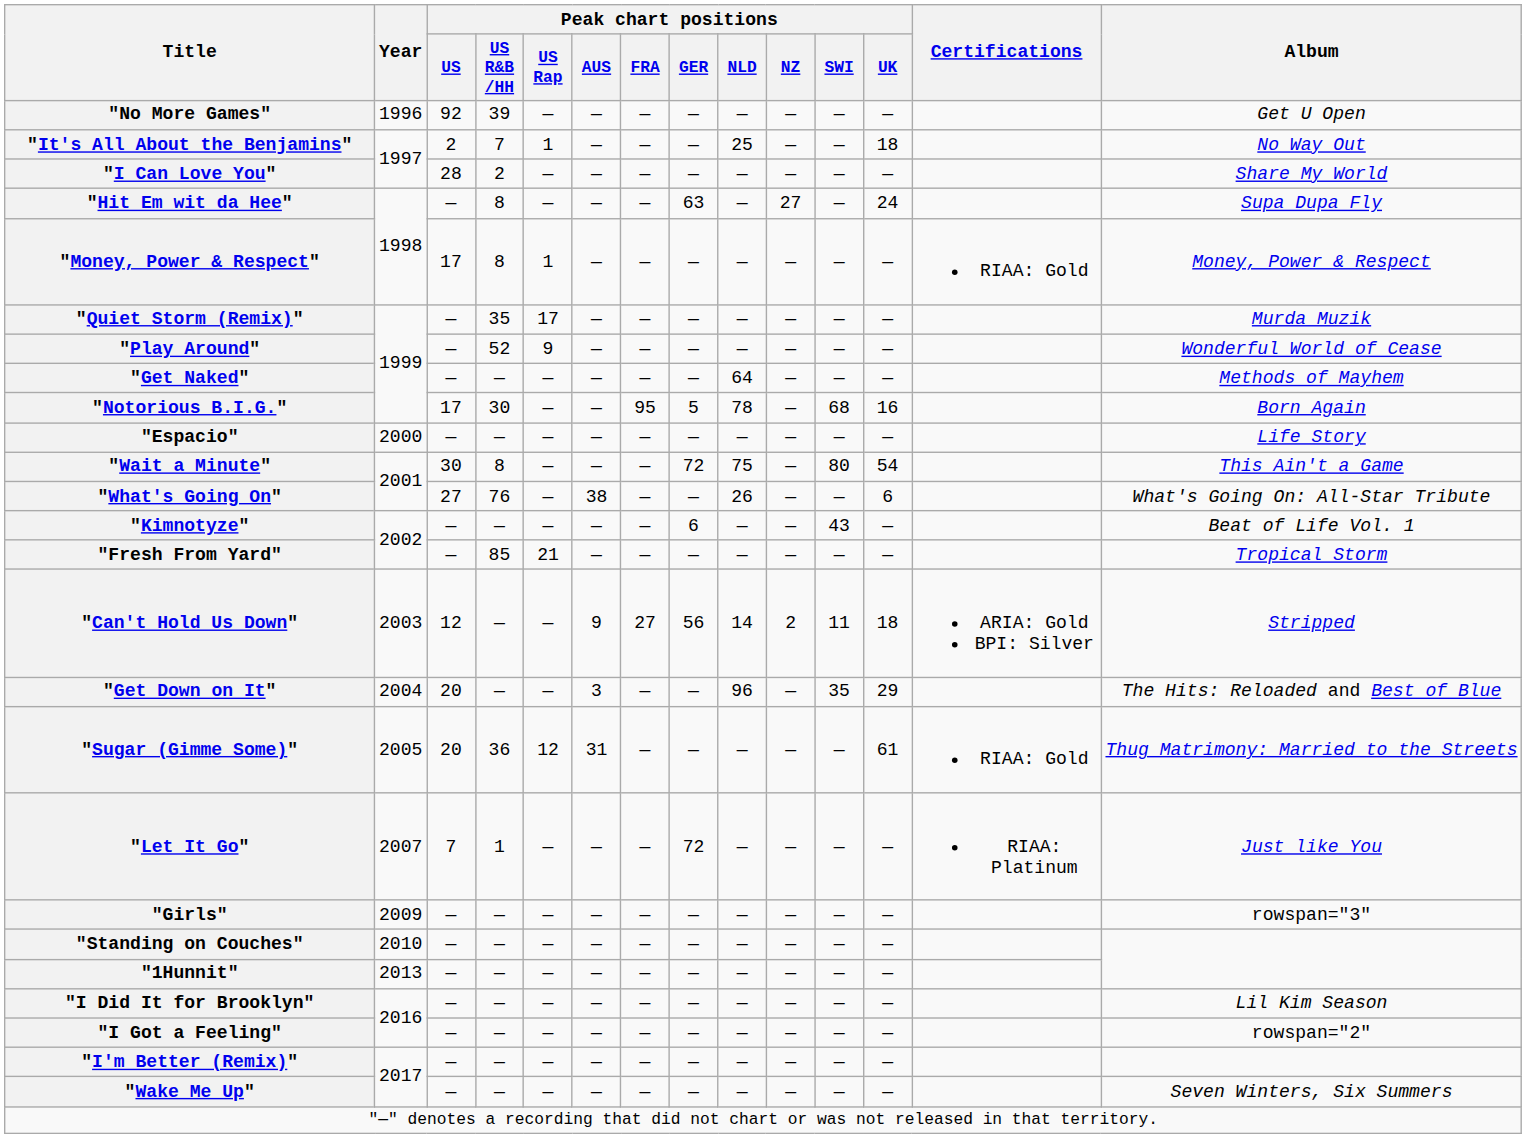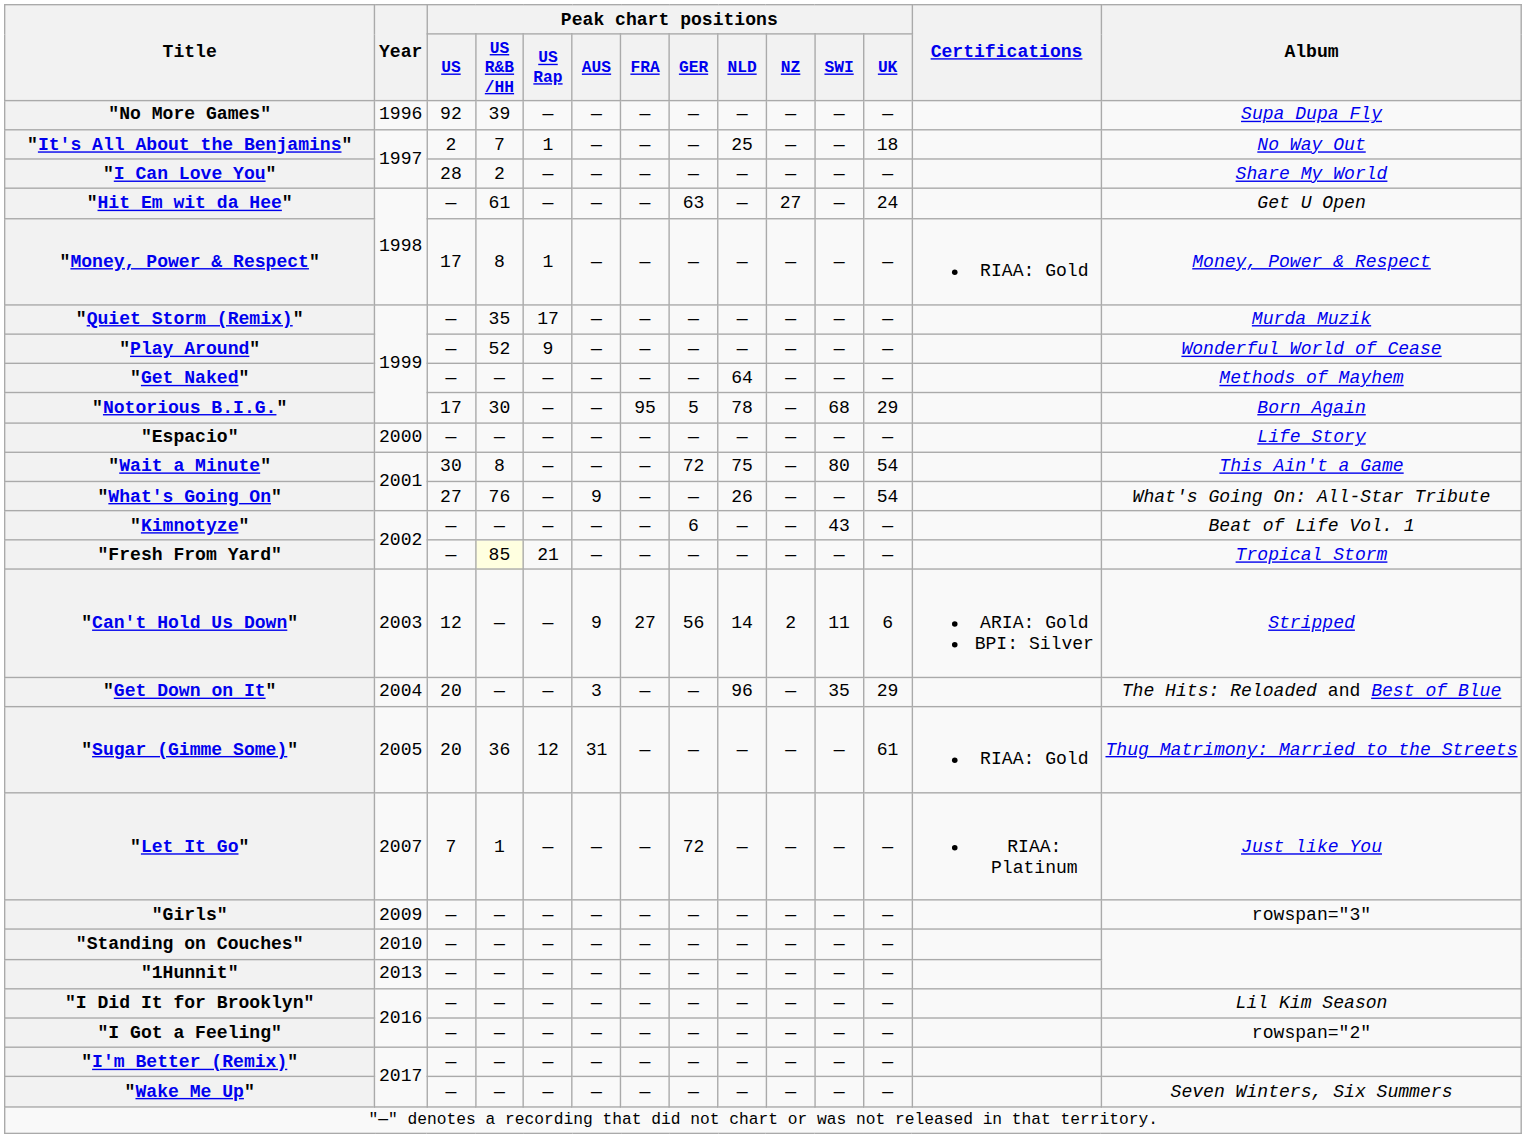 <table class="wikitable plainrowheaders" style="text-align:center;">
 <tr>
 <th scope="col" rowspan="2" style="width:20em;">Title</th>
 <th scope="col" rowspan="2">Year</th>
 <th scope="col" colspan="10">Peak chart positions</th>
 <th scope="col" rowspan="2" style="width:10em;"><a href='#'>Certifications</a></th>
 <th scope="col" rowspan="2">Album</th>
 </tr>
 <tr>
 <th scope="col" style="width:2.5em;font-size:90%;"><a href='#'>US</a><br></th>
 <th scope="col" style="width:2.5em;font-size:90%;"><a href='#'>US<br>R&B<br>/HH</a><br></th>
 <th scope="col" style="width:2.5em;font-size:90%;"><a href='#'>US<br>Rap</a><br></th>
 <th scope="col" style="width:2.5em;font-size:90%;"><a href='#'>AUS</a><br></th>
 <th scope="col" style="width:2.5em;font-size:90%;"><a href='#'>FRA</a><br></th>
 <th scope="col" style="width:2.5em;font-size:90%;"><a href='#'>GER</a><br></th>
 <th scope="col" style="width:2.5em;font-size:90%;"><a href='#'>NLD</a><br></th>
 <th scope="col" style="width:2.5em;font-size:90%;"><a href='#'>NZ</a><br></th>
 <th scope="col" style="width:2.5em;font-size:90%;"><a href='#'>SWI</a><br></th>
 <th scope="col" style="width:2.5em;font-size:90%;"><a href='#'>UK</a><br></th>
 </tr>
 <tr>
 <th scope="row">"No More Games" <br></th>
 <td>1996</td>
 <td>92</td>
 <td>39</td>
 <td>—</td>
 <td>—</td>
 <td>—</td>
 <td>—</td>
 <td>—</td>
 <td>—</td>
 <td>—</td>
 <td>—</td>
 <td></td>
-<td><em>Get U Open</em></td>
+<td><em><a href='#'>Supa Dupa Fly</a></em></td>
 </tr>
 <tr>
 <th scope="row">"<a href='#'>It's All About the Benjamins</a>" <br></th>
 <td rowspan="2">1997</td>
 <td>2</td>
 <td>7</td>
 <td>1</td>
 <td>—</td>
 <td>—</td>
 <td>—</td>
 <td>25</td>
 <td>—</td>
 <td>—</td>
 <td>18</td>
 <td></td>
 <td><em><a href='#'>No Way Out</a></em></td>
 </tr>
 <tr>
 <th scope="row">"<a href='#'>I Can Love You</a>" <br></th>
 <td>28</td>
 <td>2</td>
 <td>—</td>
 <td>—</td>
 <td>—</td>
 <td>—</td>
 <td>—</td>
 <td>—</td>
 <td>—</td>
 <td>—</td>
 <td></td>
 <td><em><a href='#'>Share My World</a></em></td>
 </tr>
 <tr>
 <th scope="row">"<a href='#'>Hit Em wit da Hee</a>" <br></th>
 <td rowspan="2">1998</td>
 <td>—</td>
-<td>8</td>
+<td>61</td>
 <td>—</td>
 <td>—</td>
 <td>—</td>
 <td>63</td>
 <td>—</td>
 <td>27</td>
 <td>—</td>
 <td>24</td>
 <td></td>
-<td><em><a href='#'>Supa Dupa Fly</a></em></td>
+<td><em>Get U Open</em></td>
 </tr>
 <tr>
 <th scope="row">"<a href='#'>Money, Power & Respect</a>" <br></th>
 <td>17</td>
 <td>8</td>
 <td>1</td>
 <td>—</td>
 <td>—</td>
 <td>—</td>
 <td>—</td>
 <td>—</td>
 <td>—</td>
 <td>—</td>
 <td><br><ul><li>RIAA: Gold</li></ul></td>
 <td><em><a href='#'>Money, Power & Respect</a></em></td>
 </tr>
 <tr>
 <th scope="row">"<a href='#'>Quiet Storm (Remix)</a>" <br></th>
 <td rowspan="4">1999</td>
 <td>—</td>
 <td>35</td>
 <td>17</td>
 <td>—</td>
 <td>—</td>
 <td>—</td>
 <td>—</td>
 <td>—</td>
 <td>—</td>
 <td>—</td>
 <td></td>
 <td><em><a href='#'>Murda Muzik</a></em></td>
 </tr>
 <tr>
 <th scope="row">"<a href='#'>Play Around</a>" <br></th>
 <td>—</td>
 <td>52</td>
 <td>9</td>
 <td>—</td>
 <td>—</td>
 <td>—</td>
 <td>—</td>
 <td>—</td>
 <td>—</td>
 <td>—</td>
 <td></td>
 <td><em><a href='#'>Wonderful World of Cease</a></em></td>
 </tr>
 <tr>
 <th scope="row">"<a href='#'>Get Naked</a>" <br></th>
 <td>—</td>
 <td>—</td>
 <td>—</td>
 <td>—</td>
 <td>—</td>
 <td>—</td>
 <td>64</td>
 <td>—</td>
 <td>—</td>
 <td>—</td>
 <td></td>
 <td><em><a href='#'>Methods of Mayhem</a></em></td>
 </tr>
 <tr>
 <th scope="row">"<a href='#'>Notorious B.I.G.</a>" <br></th>
 <td>17</td>
 <td>30</td>
 <td>—</td>
 <td>—</td>
 <td>95</td>
 <td>5</td>
 <td>78</td>
 <td>—</td>
 <td>68</td>
-<td>16</td>
+<td>29</td>
 <td></td>
 <td><em><a href='#'>Born Again</a></em></td>
 </tr>
 <tr>
 <th scope="row">"Espacio" <br></th>
 <td>2000</td>
 <td>—</td>
 <td>—</td>
 <td>—</td>
 <td>—</td>
 <td>—</td>
 <td>—</td>
 <td>—</td>
 <td>—</td>
 <td>—</td>
 <td>—</td>
 <td></td>
 <td><em><a href='#'>Life Story</a></em></td>
 </tr>
 <tr>
 <th scope="row">"<a href='#'>Wait a Minute</a>" <br></th>
 <td rowspan="2">2001</td>
 <td>30</td>
 <td>8</td>
 <td>—</td>
 <td>—</td>
 <td>—</td>
 <td>72</td>
 <td>75</td>
 <td>—</td>
 <td>80</td>
 <td>54</td>
 <td></td>
 <td><em><a href='#'>This Ain't a Game</a></em></td>
 </tr>
 <tr>
 <th scope="row">"<a href='#'>What's Going On</a>" <br></th>
 <td>27</td>
 <td>76</td>
 <td>—</td>
-<td>38</td>
+<td>9</td>
 <td>—</td>
 <td>—</td>
 <td>26</td>
 <td>—</td>
 <td>—</td>
-<td>6</td>
+<td>54</td>
 <td></td>
 <td><em>What's Going On: All-Star Tribute</em></td>
 </tr>
 <tr>
 <th scope="row">"<a href='#'>Kimnotyze</a>" <br></th>
 <td rowspan="2">2002</td>
 <td>—</td>
 <td>—</td>
 <td>—</td>
 <td>—</td>
 <td>—</td>
 <td>6</td>
 <td>—</td>
 <td>—</td>
 <td>43</td>
 <td>—</td>
 <td></td>
 <td><em>Beat of Life Vol. 1</em></td>
 </tr>
 <tr>
 <th scope="row">"Fresh From Yard" <br></th>
 <td>—</td>
-<td>85</td>
+<td style="background: lightyellow;">85</td>
 <td>21</td>
 <td>—</td>
 <td>—</td>
 <td>—</td>
 <td>—</td>
 <td>—</td>
 <td>—</td>
 <td>—</td>
 <td></td>
 <td><em><a href='#'>Tropical Storm</a></em></td>
 </tr>
 <tr>
 <th scope="row">"<a href='#'>Can't Hold Us Down</a>" <br></th>
 <td>2003</td>
 <td>12</td>
 <td>—</td>
 <td>—</td>
 <td>9</td>
 <td>27</td>
 <td>56</td>
 <td>14</td>
 <td>2</td>
 <td>11</td>
-<td>18</td>
+<td>6</td>
 <td><br><ul><li>ARIA: Gold</li><li>BPI: Silver</li></ul></td>
 <td><em><a href='#'>Stripped</a></em></td>
 </tr>
 <tr>
 <th scope="row">"<a href='#'>Get Down on It</a>" <br></th>
 <td>2004</td>
 <td>20</td>
 <td>—</td>
 <td>—</td>
 <td>3</td>
 <td>—</td>
 <td>—</td>
 <td>96</td>
 <td>—</td>
 <td>35</td>
 <td>29</td>
 <td></td>
 <td><em>The Hits: Reloaded</em> and <em><a href='#'>Best of Blue</a></em></td>
 </tr>
 <tr>
 <th scope="row">"<a href='#'>Sugar (Gimme Some)</a>" <br></th>
 <td>2005</td>
 <td>20</td>
 <td>36</td>
 <td>12</td>
 <td>31</td>
 <td>—</td>
 <td>—</td>
 <td>—</td>
 <td>—</td>
 <td>—</td>
 <td>61</td>
 <td><br><ul><li>RIAA: Gold</li></ul></td>
 <td><em><a href='#'>Thug Matrimony: Married to the Streets</a></em></td>
 </tr>
 <tr>
 <th scope="row">"<a href='#'>Let It Go</a>" <br></th>
 <td>2007</td>
 <td>7</td>
 <td>1</td>
 <td>—</td>
 <td>—</td>
 <td>—</td>
 <td>72</td>
 <td>—</td>
 <td>—</td>
 <td>—</td>
 <td>—</td>
 <td><br><ul><li>RIAA: Platinum</li></ul></td>
 <td><em><a href='#'>Just like You</a></em></td>
 </tr>
 <tr>
 <th scope="row">"Girls" <br></th>
 <td>2009</td>
 <td>—</td>
 <td>—</td>
 <td>—</td>
 <td>—</td>
 <td>—</td>
 <td>—</td>
 <td>—</td>
 <td>—</td>
 <td>—</td>
 <td>—</td>
 <td></td>
 <td>rowspan="3" </td>
 </tr>
 <tr>
 <th scope="row">"Standing on Couches"<br></th>
 <td>2010</td>
 <td>—</td>
 <td>—</td>
 <td>—</td>
 <td>—</td>
 <td>—</td>
 <td>—</td>
 <td>—</td>
 <td>—</td>
 <td>—</td>
 <td>—</td>
 <td></td>
 </tr>
 <tr>
 <th scope="row">"1Hunnit"<br> </th>
 <td>2013</td>
 <td>—</td>
 <td>—</td>
 <td>—</td>
 <td>—</td>
 <td>—</td>
 <td>—</td>
 <td>—</td>
 <td>—</td>
 <td>—</td>
 <td>—</td>
 <td></td>
 </tr>
 <tr>
 <th scope="row">"I Did It for Brooklyn"<br></th>
 <td rowspan="2">2016</td>
 <td>—</td>
 <td>—</td>
 <td>—</td>
 <td>—</td>
 <td>—</td>
 <td>—</td>
 <td>—</td>
 <td>—</td>
 <td>—</td>
 <td>—</td>
 <td></td>
 <td><em>Lil Kim Season</em></td>
 </tr>
 <tr>
 <th scope="row">"I Got a Feeling"<br></th>
 <td>—</td>
 <td>—</td>
 <td>—</td>
 <td>—</td>
 <td>—</td>
 <td>—</td>
 <td>—</td>
 <td>—</td>
 <td>—</td>
 <td>—</td>
 <td></td>
 <td>rowspan="2" </td>
 </tr>
 <tr>
 <th scope="row">"<a href='#'>I'm Better (Remix)</a>" <br></th>
 <td rowspan="2">2017</td>
 <td>—</td>
 <td>—</td>
 <td>—</td>
 <td>—</td>
 <td>—</td>
 <td>—</td>
 <td>—</td>
 <td>—</td>
 <td>—</td>
 <td>—</td>
 <td></td>
 </tr>
 <tr>
 <th scope="row">"<a href='#'>Wake Me Up</a>" <br></th>
 <td>—</td>
 <td>—</td>
 <td>—</td>
 <td>—</td>
 <td>—</td>
 <td>—</td>
 <td>—</td>
 <td>—</td>
 <td>—</td>
 <td>—</td>
 <td></td>
 <td><em>Seven Winters, Six Summers</em></td>
 </tr>
 <tr>
 <td colspan="14" style="font-size:90%">"—" denotes a recording that did not chart or was not released in that territory.</td>
 </tr>
 </table>
